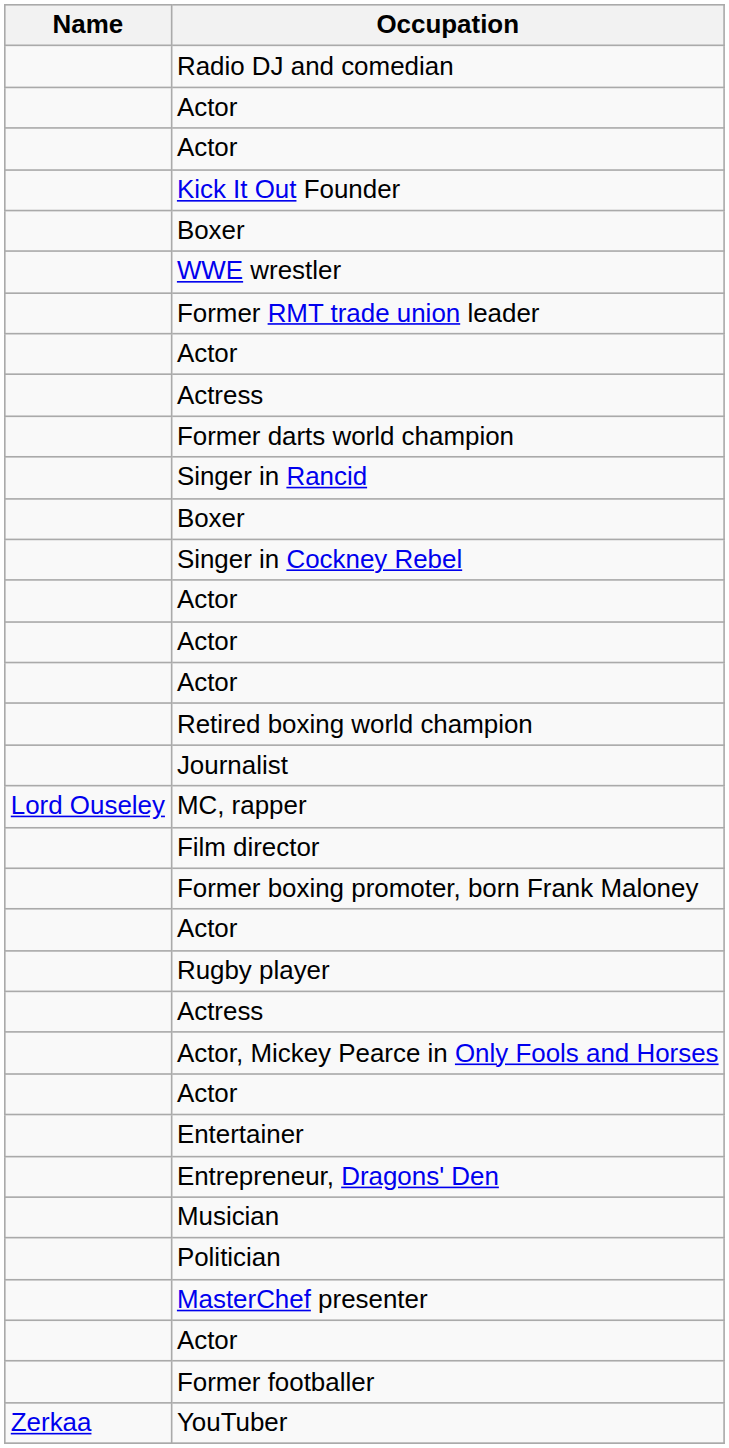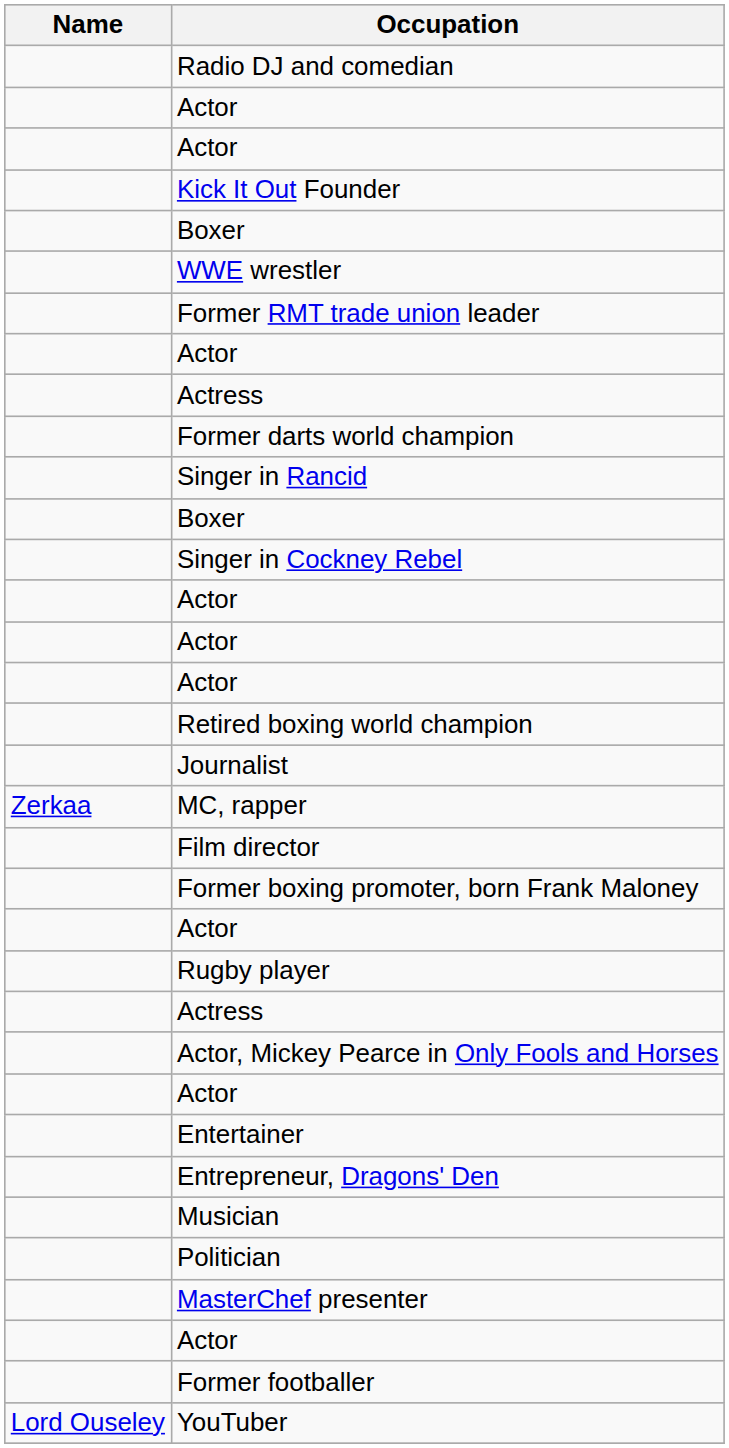 <table class="wikitable sortable collapsible collapsed">
 <tr>
 <th>Name</th>
 <th>Occupation</th>
 </tr>
 <tr>
 <td></td>
 <td>Radio DJ and comedian</td>
 </tr>
 <tr>
 <td></td>
 <td>Actor</td>
 </tr>
 <tr>
 <td></td>
 <td>Actor</td>
 </tr>
 <tr>
 <td></td>
 <td><a href='#'>Kick It Out</a> Founder</td>
 </tr>
 <tr>
 <td></td>
 <td>Boxer</td>
 </tr>
 <tr>
 <td></td>
 <td><a href='#'>WWE</a> wrestler</td>
 </tr>
 <tr>
 <td></td>
 <td>Former <a href='#'>RMT trade union</a> leader</td>
 </tr>
 <tr>
 <td></td>
 <td>Actor</td>
 </tr>
 <tr>
 <td></td>
 <td>Actress</td>
 </tr>
 <tr>
 <td></td>
 <td>Former darts world champion</td>
 </tr>
 <tr>
 <td></td>
 <td>Singer in <a href='#'>Rancid</a></td>
 </tr>
 <tr>
 <td></td>
 <td>Boxer</td>
 </tr>
 <tr>
 <td></td>
 <td>Singer in <a href='#'>Cockney Rebel</a></td>
 </tr>
 <tr>
 <td></td>
 <td>Actor</td>
 </tr>
 <tr>
 <td></td>
 <td>Actor</td>
 </tr>
 <tr>
 <td></td>
 <td>Actor</td>
 </tr>
 <tr>
 <td></td>
 <td>Retired boxing world champion</td>
 </tr>
 <tr>
 <td></td>
 <td>Journalist</td>
 </tr>
 <tr>
-<td><a href='#'>Lord Ouseley</a></td>
+<td><a href='#'>Zerkaa</a></td>
 <td>MC, rapper</td>
 </tr>
 <tr>
 <td></td>
 <td>Film director</td>
 </tr>
 <tr>
 <td></td>
 <td>Former boxing promoter, born Frank Maloney</td>
 </tr>
 <tr>
 <td></td>
 <td>Actor</td>
 </tr>
 <tr>
 <td></td>
 <td>Rugby player</td>
 </tr>
 <tr>
 <td></td>
 <td>Actress</td>
 </tr>
 <tr>
 <td></td>
 <td>Actor, Mickey Pearce in <a href='#'>Only Fools and Horses</a></td>
 </tr>
 <tr>
 <td></td>
 <td>Actor</td>
 </tr>
 <tr>
 <td></td>
 <td>Entertainer</td>
 </tr>
 <tr>
 <td></td>
 <td>Entrepreneur, <a href='#'>Dragons' Den</a></td>
 </tr>
 <tr>
 <td></td>
 <td>Musician</td>
 </tr>
 <tr>
 <td></td>
 <td>Politician</td>
 </tr>
 <tr>
 <td></td>
 <td><a href='#'>MasterChef</a> presenter</td>
 </tr>
 <tr>
 <td></td>
 <td>Actor</td>
 </tr>
 <tr>
 <td></td>
 <td>Former footballer</td>
 </tr>
 <tr>
-<td><a href='#'>Zerkaa</a></td>
+<td><a href='#'>Lord Ouseley</a></td>
 <td>YouTuber</td>
 </tr>
 <tr>
 </tr>
 </table>
